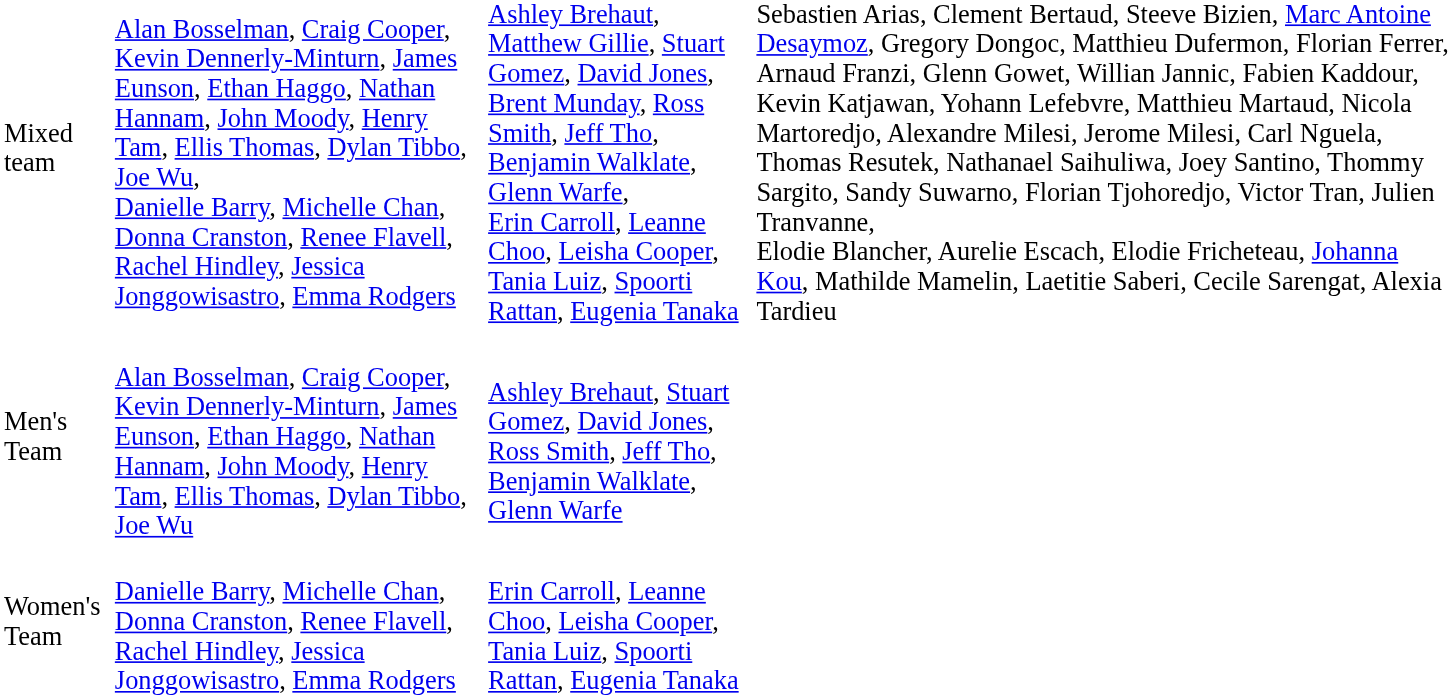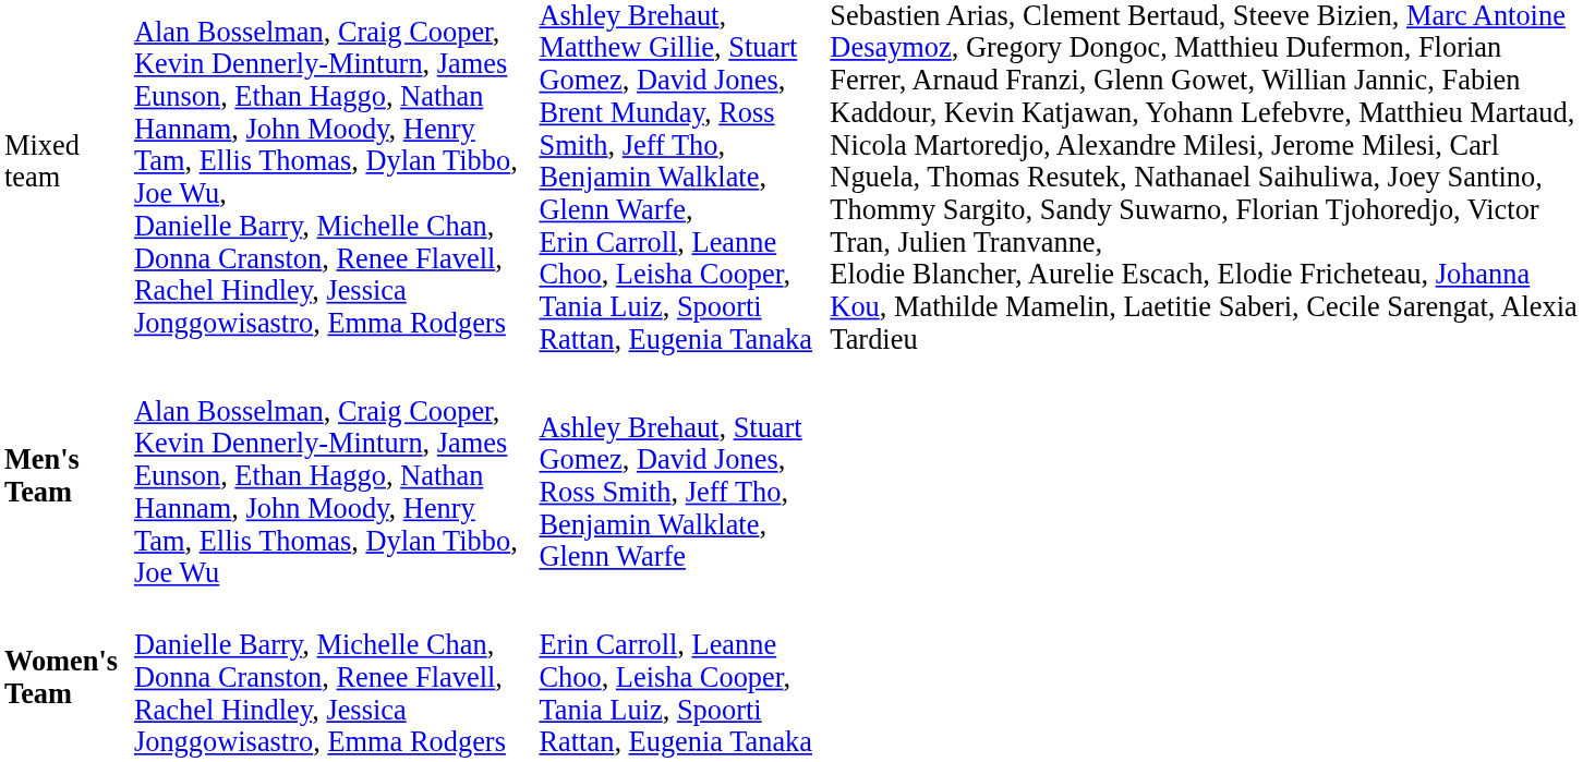 <table>
 <tr>
 <td>Mixed team</td>
 <td><br><a href='#'>Alan Bosselman</a>, <a href='#'>Craig Cooper</a>, <a href='#'>Kevin Dennerly-Minturn</a>, <a href='#'>James Eunson</a>, <a href='#'>Ethan Haggo</a>, <a href='#'>Nathan Hannam</a>, <a href='#'>John Moody</a>, <a href='#'>Henry Tam</a>, <a href='#'>Ellis Thomas</a>, <a href='#'>Dylan Tibbo</a>, <a href='#'>Joe Wu</a>,<br><a href='#'>Danielle Barry</a>, <a href='#'>Michelle Chan</a>, <a href='#'>Donna Cranston</a>, <a href='#'>Renee Flavell</a>, <a href='#'>Rachel Hindley</a>, <a href='#'>Jessica Jonggowisastro</a>, <a href='#'>Emma Rodgers</a></td>
 <td><br><a href='#'>Ashley Brehaut</a>, <a href='#'>Matthew Gillie</a>, <a href='#'>Stuart Gomez</a>, <a href='#'>David Jones</a>, <a href='#'>Brent Munday</a>, <a href='#'>Ross Smith</a>, <a href='#'>Jeff Tho</a>, <a href='#'>Benjamin Walklate</a>, <a href='#'>Glenn Warfe</a>,<br><a href='#'>Erin Carroll</a>, <a href='#'>Leanne Choo</a>, <a href='#'>Leisha Cooper</a>, <a href='#'>Tania Luiz</a>, <a href='#'>Spoorti Rattan</a>, <a href='#'>Eugenia Tanaka</a></td>
 <td><br>Sebastien Arias, Clement Bertaud, Steeve Bizien, <a href='#'>Marc Antoine Desaymoz</a>, Gregory Dongoc, Matthieu Dufermon, Florian Ferrer, Arnaud Franzi, Glenn Gowet, Willian Jannic, Fabien Kaddour, Kevin Katjawan, Yohann Lefebvre, Matthieu Martaud, Nicola Martoredjo, Alexandre Milesi, Jerome Milesi, Carl Nguela, Thomas Resutek, Nathanael Saihuliwa, Joey Santino, Thommy Sargito, Sandy Suwarno, Florian Tjohoredjo, Victor Tran, Julien Tranvanne,<br>Elodie Blancher, Aurelie Escach, Elodie Fricheteau, <a href='#'>Johanna Kou</a>, Mathilde Mamelin, Laetitie Saberi, Cecile Sarengat, Alexia Tardieu</td>
 </tr>
 <tr>
-<td>Men's Team</td>
+<td><strong>Men's Team</strong></td>
 <td><br><a href='#'>Alan Bosselman</a>, <a href='#'>Craig Cooper</a>, <a href='#'>Kevin Dennerly-Minturn</a>, <a href='#'>James Eunson</a>, <a href='#'>Ethan Haggo</a>, <a href='#'>Nathan Hannam</a>, <a href='#'>John Moody</a>, <a href='#'>Henry Tam</a>, <a href='#'>Ellis Thomas</a>, <a href='#'>Dylan Tibbo</a>, <a href='#'>Joe Wu</a></td>
 <td><br><a href='#'>Ashley Brehaut</a>, <a href='#'>Stuart Gomez</a>, <a href='#'>David Jones</a>, <a href='#'>Ross Smith</a>, <a href='#'>Jeff Tho</a>, <a href='#'>Benjamin Walklate</a>, <a href='#'>Glenn Warfe</a></td>
 </tr>
 <tr>
-<td>Women's Team</td>
+<td><strong>Women's Team</strong></td>
 <td><br><a href='#'>Danielle Barry</a>, <a href='#'>Michelle Chan</a>, <a href='#'>Donna Cranston</a>, <a href='#'>Renee Flavell</a>, <a href='#'>Rachel Hindley</a>, <a href='#'>Jessica Jonggowisastro</a>, <a href='#'>Emma Rodgers</a></td>
 <td><br><a href='#'>Erin Carroll</a>, <a href='#'>Leanne Choo</a>, <a href='#'>Leisha Cooper</a>, <a href='#'>Tania Luiz</a>, <a href='#'>Spoorti Rattan</a>, <a href='#'>Eugenia Tanaka</a></td>
 </tr>
 </table>
